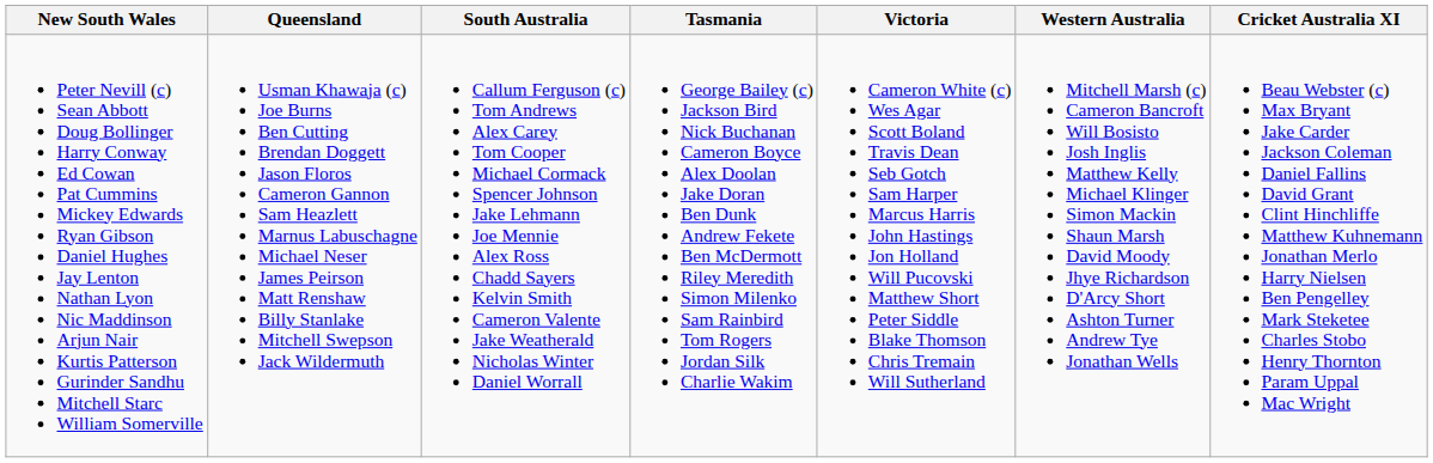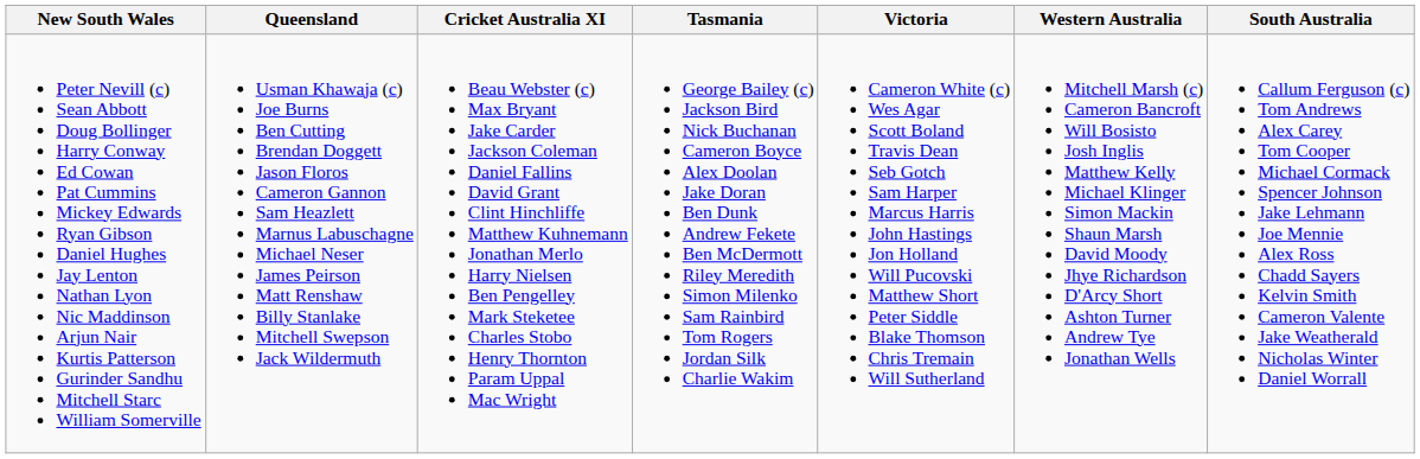 <table class="wikitable" style="text-align:left; margin:auto">
 <tr>
 <th style="width=20%;">New South Wales</th>
 <th style="width=20%;">Queensland</th>
-<th style="width=20%;">South Australia</th>
+<th style="width=20%;">Cricket Australia XI</th>
 <th style="width=20%;">Tasmania</th>
 <th style="width=20%;">Victoria</th>
 <th style="width=20%;">Western Australia</th>
-<th style="width=20%;">Cricket Australia XI</th>
+<th style="width=20%;">South Australia</th>
 </tr>
 <tr style="vertical-align:top">
 <td><br><ul><li><a href='#'>Peter Nevill</a> (<a href='#'>c</a>)</li><li><a href='#'>Sean Abbott</a></li><li><a href='#'>Doug Bollinger</a></li><li><a href='#'>Harry Conway</a></li><li><a href='#'>Ed Cowan</a></li><li><a href='#'>Pat Cummins</a></li><li><a href='#'>Mickey Edwards</a></li><li><a href='#'>Ryan Gibson</a></li><li><a href='#'>Daniel Hughes</a></li><li><a href='#'>Jay Lenton</a></li><li><a href='#'>Nathan Lyon</a></li><li><a href='#'>Nic Maddinson</a></li><li><a href='#'>Arjun Nair</a></li><li><a href='#'>Kurtis Patterson</a></li><li><a href='#'>Gurinder Sandhu</a></li><li><a href='#'>Mitchell Starc</a></li><li><a href='#'>William Somerville</a></li></ul></td>
 <td><br><ul><li><a href='#'>Usman Khawaja</a> (<a href='#'>c</a>)</li><li><a href='#'>Joe Burns</a></li><li><a href='#'>Ben Cutting</a></li><li><a href='#'>Brendan Doggett</a></li><li><a href='#'>Jason Floros</a></li><li><a href='#'>Cameron Gannon</a></li><li><a href='#'>Sam Heazlett</a></li><li><a href='#'>Marnus Labuschagne</a></li><li><a href='#'>Michael Neser</a></li><li><a href='#'>James Peirson</a></li><li><a href='#'>Matt Renshaw</a></li><li><a href='#'>Billy Stanlake</a></li><li><a href='#'>Mitchell Swepson</a></li><li><a href='#'>Jack Wildermuth</a></li></ul></td>
-<td><br><ul><li><a href='#'>Callum Ferguson</a> (<a href='#'>c</a>)</li><li><a href='#'>Tom Andrews</a></li><li><a href='#'>Alex Carey</a></li><li><a href='#'>Tom Cooper</a></li><li><a href='#'>Michael Cormack</a></li><li><a href='#'>Spencer Johnson</a></li><li><a href='#'>Jake Lehmann</a></li><li><a href='#'>Joe Mennie</a></li><li><a href='#'>Alex Ross</a></li><li><a href='#'>Chadd Sayers</a></li><li><a href='#'>Kelvin Smith</a></li><li><a href='#'>Cameron Valente</a></li><li><a href='#'>Jake Weatherald</a></li><li><a href='#'>Nicholas Winter</a></li><li><a href='#'>Daniel Worrall</a></li></ul></td>
+<td><br><ul><li><a href='#'>Beau Webster</a> (<a href='#'>c</a>)</li><li><a href='#'>Max Bryant</a></li><li><a href='#'>Jake Carder</a></li><li><a href='#'>Jackson Coleman</a></li><li><a href='#'>Daniel Fallins</a></li><li><a href='#'>David Grant</a></li><li><a href='#'>Clint Hinchliffe</a></li><li><a href='#'>Matthew Kuhnemann</a></li><li><a href='#'>Jonathan Merlo</a></li><li><a href='#'>Harry Nielsen</a></li><li><a href='#'>Ben Pengelley</a></li><li><a href='#'>Mark Steketee</a></li><li><a href='#'>Charles Stobo</a></li><li><a href='#'>Henry Thornton</a></li><li><a href='#'>Param Uppal</a></li><li><a href='#'>Mac Wright</a></li></ul></td>
 <td><br><ul><li><a href='#'>George Bailey</a> (<a href='#'>c</a>)</li><li><a href='#'>Jackson Bird</a></li><li><a href='#'>Nick Buchanan</a></li><li><a href='#'>Cameron Boyce</a></li><li><a href='#'>Alex Doolan</a></li><li><a href='#'>Jake Doran</a></li><li><a href='#'>Ben Dunk</a></li><li><a href='#'>Andrew Fekete</a></li><li><a href='#'>Ben McDermott</a></li><li><a href='#'>Riley Meredith</a></li><li><a href='#'>Simon Milenko</a></li><li><a href='#'>Sam Rainbird</a></li><li><a href='#'>Tom Rogers</a></li><li><a href='#'>Jordan Silk</a></li><li><a href='#'>Charlie Wakim</a></li></ul></td>
 <td><br><ul><li><a href='#'>Cameron White</a> (<a href='#'>c</a>)</li><li><a href='#'>Wes Agar</a></li><li><a href='#'>Scott Boland</a></li><li><a href='#'>Travis Dean</a></li><li><a href='#'>Seb Gotch</a></li><li><a href='#'>Sam Harper</a></li><li><a href='#'>Marcus Harris</a></li><li><a href='#'>John Hastings</a></li><li><a href='#'>Jon Holland</a></li><li><a href='#'>Will Pucovski</a></li><li><a href='#'>Matthew Short</a></li><li><a href='#'>Peter Siddle</a></li><li><a href='#'>Blake Thomson</a></li><li><a href='#'>Chris Tremain</a></li><li><a href='#'>Will Sutherland</a></li></ul></td>
 <td><br><ul><li><a href='#'>Mitchell Marsh</a> (<a href='#'>c</a>)</li><li><a href='#'>Cameron Bancroft</a></li><li><a href='#'>Will Bosisto</a></li><li><a href='#'>Josh Inglis</a></li><li><a href='#'>Matthew Kelly</a></li><li><a href='#'>Michael Klinger</a></li><li><a href='#'>Simon Mackin</a></li><li><a href='#'>Shaun Marsh</a></li><li><a href='#'>David Moody</a></li><li><a href='#'>Jhye Richardson</a></li><li><a href='#'>D'Arcy Short</a></li><li><a href='#'>Ashton Turner</a></li><li><a href='#'>Andrew Tye</a></li><li><a href='#'>Jonathan Wells</a></li></ul></td>
-<td><br><ul><li><a href='#'>Beau Webster</a> (<a href='#'>c</a>)</li><li><a href='#'>Max Bryant</a></li><li><a href='#'>Jake Carder</a></li><li><a href='#'>Jackson Coleman</a></li><li><a href='#'>Daniel Fallins</a></li><li><a href='#'>David Grant</a></li><li><a href='#'>Clint Hinchliffe</a></li><li><a href='#'>Matthew Kuhnemann</a></li><li><a href='#'>Jonathan Merlo</a></li><li><a href='#'>Harry Nielsen</a></li><li><a href='#'>Ben Pengelley</a></li><li><a href='#'>Mark Steketee</a></li><li><a href='#'>Charles Stobo</a></li><li><a href='#'>Henry Thornton</a></li><li><a href='#'>Param Uppal</a></li><li><a href='#'>Mac Wright</a></li></ul></td>
+<td><br><ul><li><a href='#'>Callum Ferguson</a> (<a href='#'>c</a>)</li><li><a href='#'>Tom Andrews</a></li><li><a href='#'>Alex Carey</a></li><li><a href='#'>Tom Cooper</a></li><li><a href='#'>Michael Cormack</a></li><li><a href='#'>Spencer Johnson</a></li><li><a href='#'>Jake Lehmann</a></li><li><a href='#'>Joe Mennie</a></li><li><a href='#'>Alex Ross</a></li><li><a href='#'>Chadd Sayers</a></li><li><a href='#'>Kelvin Smith</a></li><li><a href='#'>Cameron Valente</a></li><li><a href='#'>Jake Weatherald</a></li><li><a href='#'>Nicholas Winter</a></li><li><a href='#'>Daniel Worrall</a></li></ul></td>
 </tr>
 </table>
